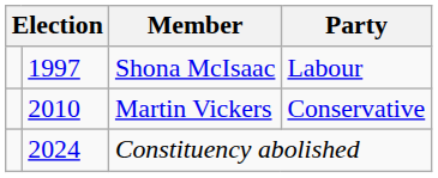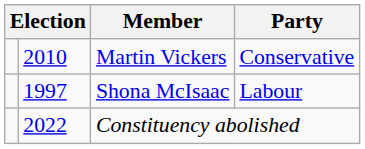 <table class="wikitable">
 <tr>
 <th colspan="2">Election</th>
 <th>Member</th>
 <th>Party</th>
 </tr>
 <tr>
 <td style="color:inherit;background-color: "></td>
+<td><a href='#'>2010</a></td>
+<td><a href='#'>Martin Vickers</a></td>
+<td><a href='#'>Conservative</a></td>
+</tr>
+<tr>
+<td style="color:inherit;background-color: "></td>
 <td><a href='#'>1997</a></td>
 <td><a href='#'>Shona McIsaac</a></td>
 <td><a href='#'>Labour</a></td>
 </tr>
 <tr>
-<td style="color:inherit;background-color: "></td>
-<td><a href='#'>2010</a></td>
-<td><a href='#'>Martin Vickers</a></td>
-<td><a href='#'>Conservative</a></td>
-</tr>
-<tr>
 <td></td>
-<td><a href='#'>2024</a></td>
+<td><a href='#'>2022</a></td>
 <td colspan="2"><em>Constituency abolished</em></td>
 </tr>
 </table>
